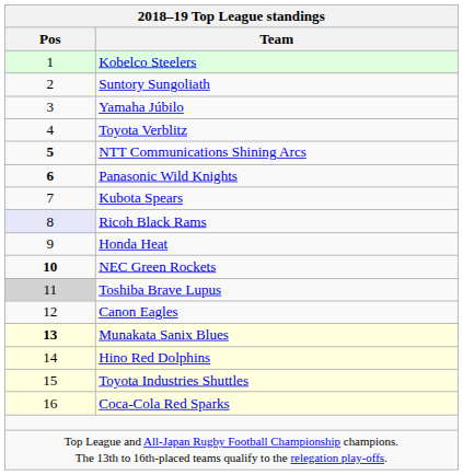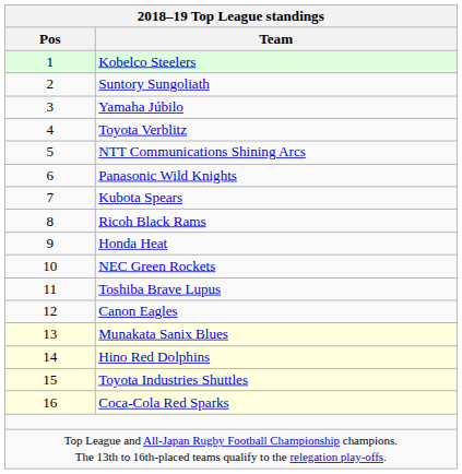 <table class="wikitable" style="text-align:center; font-size:100%; width:40%;">
 <tr>
 <th colspan="100%" cellpadding="0" cellspacing="0"><strong>2018–19 Top League standings</strong></th>
 </tr>
 <tr>
 <th style="width:20%;">Pos</th>
 <th style="width:80%;">Team</th>
 </tr>
 <tr style="background:#DDFFDD;">
 <td>1</td>
 <td style="text-align:left;"><a href='#'>Kobelco Steelers</a></td>
 </tr>
 <tr>
 <td>2</td>
 <td style="text-align:left;"><a href='#'>Suntory Sungoliath</a></td>
 </tr>
 <tr>
 <td>3</td>
 <td style="text-align:left;"><a href='#'>Yamaha Júbilo</a></td>
 </tr>
 <tr>
 <td>4</td>
 <td style="text-align:left;"><a href='#'>Toyota Verblitz</a></td>
 </tr>
 <tr>
-<td><strong>5</strong></td>
+<td>5</td>
 <td style="text-align:left;"><a href='#'>NTT Communications Shining Arcs</a></td>
 </tr>
 <tr>
-<td><strong>6</strong></td>
+<td>6</td>
 <td style="text-align:left;"><a href='#'>Panasonic Wild Knights</a></td>
 </tr>
 <tr>
 <td>7</td>
 <td style="text-align:left;"><a href='#'>Kubota Spears</a></td>
 </tr>
 <tr>
-<td style="background: lavender;">8</td>
+<td>8</td>
 <td style="text-align:left;"><a href='#'>Ricoh Black Rams</a></td>
 </tr>
 <tr>
 <td>9</td>
 <td style="text-align:left;"><a href='#'>Honda Heat</a></td>
 </tr>
 <tr>
-<td><strong>10</strong></td>
+<td>10</td>
 <td style="text-align:left;"><a href='#'>NEC Green Rockets</a></td>
 </tr>
 <tr>
-<td style="background: lightgrey;">11</td>
+<td>11</td>
 <td style="text-align:left;"><a href='#'>Toshiba Brave Lupus</a></td>
 </tr>
 <tr>
 <td>12</td>
 <td style="text-align:left;"><a href='#'>Canon Eagles</a></td>
 </tr>
 <tr style="background:#FFFFDD;">
-<td><strong>13</strong></td>
+<td>13</td>
 <td style="text-align:left;"><a href='#'>Munakata Sanix Blues</a></td>
 </tr>
 <tr style="background:#FFFFDD;">
 <td>14</td>
 <td style="text-align:left;"><a href='#'>Hino Red Dolphins</a></td>
 </tr>
 <tr style="background:#FFFFDD;">
 <td>15</td>
 <td style="text-align:left;"><a href='#'>Toyota Industries Shuttles</a></td>
 </tr>
 <tr style="background:#FFFFDD;">
 <td>16</td>
 <td style="text-align:left;"><a href='#'>Coca-Cola Red Sparks</a></td>
 </tr>
 <tr>
 <td colspan="100%" style="height:10px;"></td>
 </tr>
 <tr>
 <td colspan="100%"><small><span>Top League and <a href='#'>All-Japan Rugby Football Championship</a> champions.</span> <br> <span>The 13th to 16th-placed teams qualify to the <a href='#'>relegation play-offs</a>.</span></small></td>
 </tr>
 </table>
